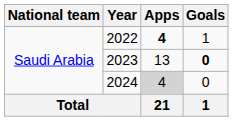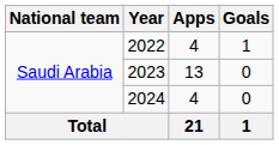 <table class="wikitable" style="text-align:center">
 <tr>
 <th>National team</th>
 <th>Year</th>
 <th>Apps</th>
 <th>Goals</th>
 </tr>
 <tr>
 <td rowspan="3"><a href='#'>Saudi Arabia</a></td>
 <td>2022</td>
-<td><strong>4</strong></td>
+<td>4</td>
 <td>1</td>
 </tr>
 <tr>
 <td>2023</td>
 <td>13</td>
-<td><strong>0</strong></td>
+<td>0</td>
 </tr>
 <tr>
 <td>2024</td>
-<td style="background: lightgrey;">4</td>
+<td>4</td>
 <td>0</td>
 </tr>
 <tr>
 <th colspan="2">Total</th>
 <th>21</th>
 <th>1</th>
 </tr>
 </table>
